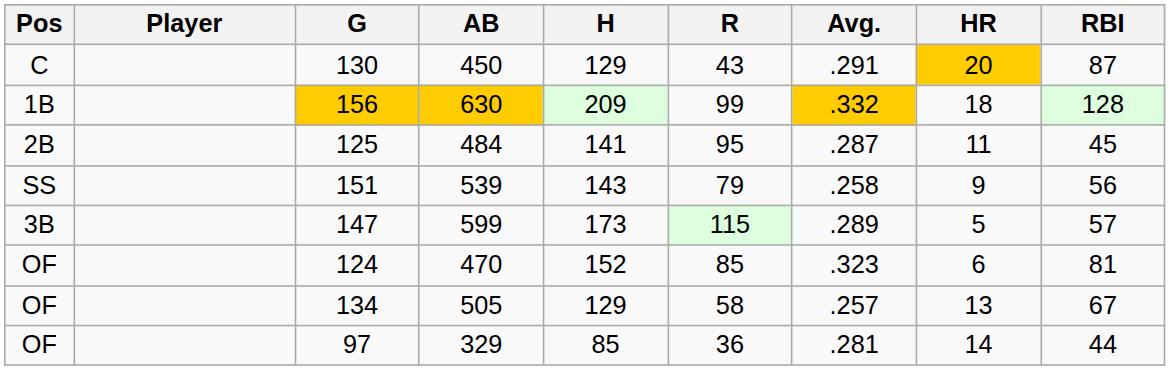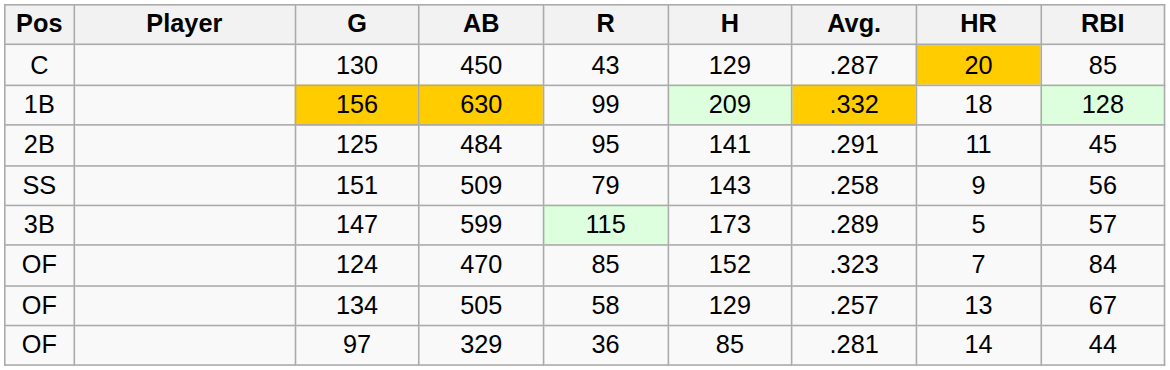 <table class="wikitable sortable">
 <tr>
 <th bgcolor="#DDDDFF" width="5%">Pos</th>
 <th bgcolor="#DDDDFF" width="16%">Player</th>
 <th bgcolor="#DDDDFF" width="9%">G</th>
 <th bgcolor="#DDDDFF" width="9%">AB</th>
+<th bgcolor="#DDDDFF" width="9%">R</th>
 <th bgcolor="#DDDDFF" width="9%">H</th>
-<th bgcolor="#DDDDFF" width="9%">R</th>
 <th bgcolor="#DDDDFF" width="9%">Avg.</th>
 <th bgcolor="#DDDDFF" width="9%">HR</th>
 <th bgcolor="#DDDDFF" width="9%">RBI</th>
 </tr>
 <tr align="center">
 <td>C</td>
 <td></td>
 <td>130</td>
 <td>450</td>
+<td>43</td>
 <td>129</td>
-<td>43</td>
-<td>.291</td>
+<td>.287</td>
 <td style="background:#fc0;">20</td>
-<td>87</td>
+<td>85</td>
 </tr>
 <tr align="center">
 <td>1B</td>
 <td></td>
 <td style="background:#fc0;">156</td>
 <td style="background:#fc0;">630</td>
+<td>99</td>
 <td style="background:#DDFFDD;">209</td>
-<td>99</td>
 <td style="background:#fc0;">.332</td>
 <td>18</td>
 <td style="background:#DDFFDD;">128</td>
 </tr>
 <tr align="center">
 <td>2B</td>
 <td></td>
 <td>125</td>
 <td>484</td>
+<td>95</td>
 <td>141</td>
-<td>95</td>
-<td>.287</td>
+<td>.291</td>
 <td>11</td>
 <td>45</td>
 </tr>
 <tr align="center">
 <td>SS</td>
 <td></td>
 <td>151</td>
-<td>539</td>
+<td>509</td>
+<td>79</td>
 <td>143</td>
-<td>79</td>
 <td>.258</td>
 <td>9</td>
 <td>56</td>
 </tr>
 <tr align="center">
 <td>3B</td>
 <td></td>
 <td>147</td>
 <td>599</td>
+<td style="background:#DDFFDD;">115</td>
 <td>173</td>
-<td style="background:#DDFFDD;">115</td>
 <td>.289</td>
 <td>5</td>
 <td>57</td>
 </tr>
 <tr align="center">
 <td>OF</td>
 <td></td>
 <td>124</td>
 <td>470</td>
+<td>85</td>
 <td>152</td>
-<td>85</td>
 <td>.323</td>
-<td>6</td>
-<td>81</td>
+<td>7</td>
+<td>84</td>
 </tr>
 <tr align="center">
 <td>OF</td>
 <td></td>
 <td>134</td>
 <td>505</td>
+<td>58</td>
 <td>129</td>
-<td>58</td>
 <td>.257</td>
 <td>13</td>
 <td>67</td>
 </tr>
 <tr align="center">
 <td>OF</td>
 <td></td>
 <td>97</td>
 <td>329</td>
+<td>36</td>
 <td>85</td>
-<td>36</td>
 <td>.281</td>
 <td>14</td>
 <td>44</td>
 </tr>
 </table>
